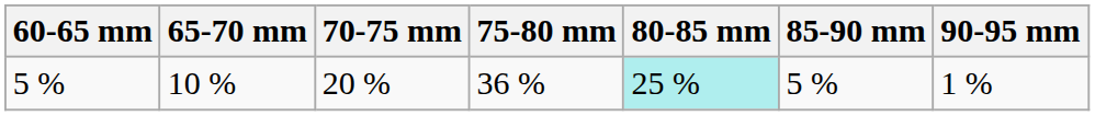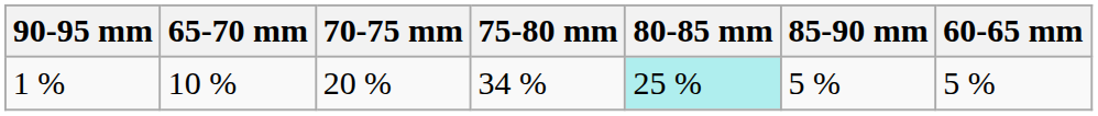 <table class="wikitable">
 <tr>
-<th>60-65 mm</th>
+<th>90-95 mm</th>
 <th>65-70 mm</th>
 <th>70-75 mm</th>
 <th>75-80 mm</th>
 <th>80-85 mm</th>
 <th>85-90 mm</th>
-<th>90-95 mm</th>
+<th>60-65 mm</th>
 </tr>
 <tr>
-<td>5 %</td>
+<td>1 %</td>
 <td>10 %</td>
 <td>20 %</td>
-<td>36 %</td>
+<td>34 %</td>
 <td style="background: paleturquoise;">25 %</td>
 <td>5 %</td>
-<td>1 %</td>
+<td>5 %</td>
 </tr>
 </table>
